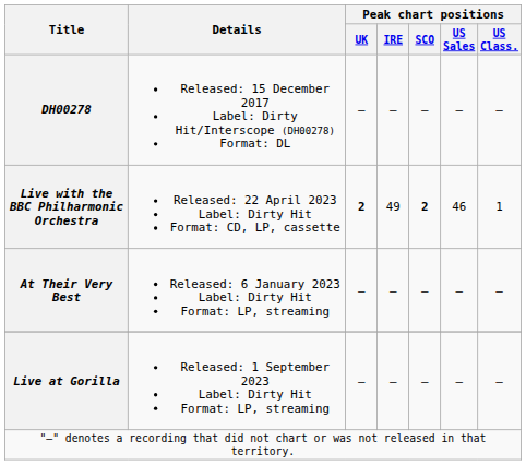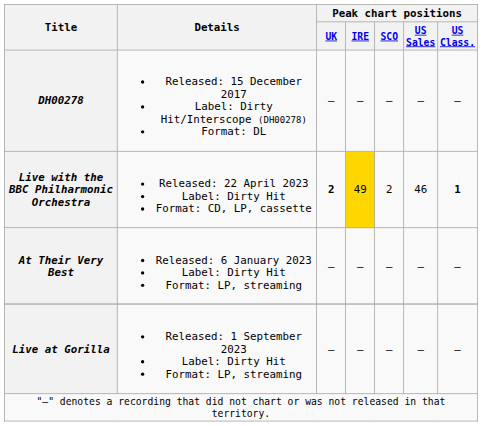 <table class="wikitable plainrowheaders" style="text-align:center;">
 <tr>
 <th rowspan="2" style="width:10em;">Title</th>
 <th rowspan="2" style="width:18em;">Details</th>
 <th colspan="5">Peak chart positions</th>
 </tr>
 <tr>
 <th scope="col" style="width:2.5em;font-size:90%;"><a href='#'>UK</a><br></th>
 <th scope="col" style="width:2.5em;font-size:90%;"><a href='#'>IRE</a><br></th>
 <th scope="col" style="width:2.5em;font-size:90%;"><a href='#'>SCO</a><br></th>
 <th scope="col" style="width:2.5em;font-size:90%;"><a href='#'>US<br>Sales</a><br></th>
 <th scope="col" style="width:2.5em;font-size:90%;"><a href='#'>US<br>Class.</a><br></th>
 </tr>
 <tr>
 <th scope="row"><em>DH00278</em></th>
 <td><br><ul><li>Released: 15 December 2017</li><li>Label: Dirty Hit/Interscope <small>(DH00278)</small></li><li>Format: DL</li></ul></td>
 <td>—</td>
 <td>—</td>
 <td>—</td>
 <td>—</td>
 <td>—</td>
 </tr>
 <tr>
 <th scope="row"><em>Live with the BBC Philharmonic Orchestra</em></th>
 <td><br><ul><li>Released: 22 April 2023</li><li>Label: Dirty Hit</li><li>Format: CD, LP, cassette</li></ul></td>
 <td><strong>2</strong></td>
-<td>49</td>
-<td><strong>2</strong></td>
+<td style="background: gold;">49</td>
+<td>2</td>
 <td>46</td>
-<td>1</td>
+<td><strong>1</strong></td>
 </tr>
 <tr>
 <th scope="row"><em>At Their Very Best</em></th>
 <td><br><ul><li>Released: 6 January 2023</li><li>Label: Dirty Hit</li><li>Format: LP, streaming</li></ul></td>
 <td>—</td>
 <td>—</td>
 <td>—</td>
 <td>—</td>
 <td>—</td>
 </tr>
 <tr>
 </tr>
 <tr>
 <th scope="row"><em>Live at Gorilla</em></th>
 <td><br><ul><li>Released: 1 September 2023</li><li>Label: Dirty Hit</li><li>Format: LP, streaming</li></ul></td>
 <td>—</td>
 <td>—</td>
 <td>—</td>
 <td>—</td>
 <td>—</td>
 </tr>
 <tr>
 <td colspan="10" style="font-size:90%">"—" denotes a recording that did not chart or was not released in that territory.</td>
 </tr>
 </table>
